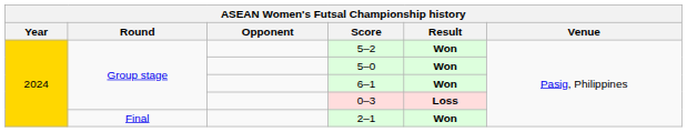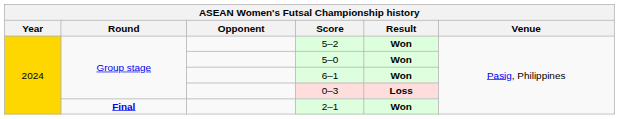 <table class="wikitable collapsible collapsed" style="text-align:center; font-size:90%; width:70%;">
 <tr>
 <th colspan="8">ASEAN Women's Futsal Championship history</th>
 </tr>
 <tr>
 <th>Year</th>
 <th>Round</th>
 <th>Opponent</th>
 <th>Score</th>
 <th>Result</th>
 <th>Venue</th>
 </tr>
 <tr>
 <td rowspan="5" style="background:gold;">2024</td>
 <td rowspan="4"><a href='#'>Group stage</a></td>
 <td></td>
 <td style="background:#dfd;">5–2</td>
 <td style="background:#dfd;"><strong>Won</strong></td>
 <td rowspan="5"> <a href='#'>Pasig</a>, Philippines</td>
 </tr>
 <tr>
 <td></td>
 <td style="background:#dfd;">5–0</td>
 <td style="background:#dfd;"><strong>Won</strong></td>
 </tr>
 <tr>
 <td></td>
 <td style="background:#dfd;">6–1</td>
 <td style="background:#dfd;"><strong>Won</strong></td>
 </tr>
 <tr>
 <td></td>
 <td style="background:#fdd;">0–3</td>
 <td style="background:#fdd;"><strong>Loss</strong></td>
 </tr>
 <tr>
-<td><a href='#'>Final</a></td>
+<td><strong><a href='#'>Final</a></strong></td>
 <td></td>
 <td style="background:#dfd;">2–1 </td>
 <td style="background:#dfd;"><strong>Won</strong></td>
 </tr>
 </table>
